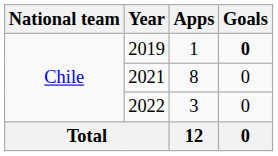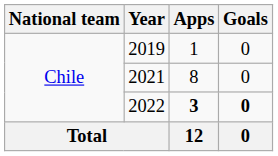 <table class="wikitable" style="text-align:center">
 <tr>
 <th>National team</th>
 <th>Year</th>
 <th>Apps</th>
 <th>Goals</th>
 </tr>
 <tr>
 <td rowspan="3"><a href='#'>Chile</a></td>
 <td>2019</td>
 <td>1</td>
-<td><strong>0</strong></td>
+<td>0</td>
 </tr>
 <tr>
 <td>2021</td>
 <td>8</td>
 <td>0</td>
 </tr>
 <tr>
 <td>2022</td>
-<td>3</td>
-<td>0</td>
+<td><strong>3</strong></td>
+<td><strong>0</strong></td>
 </tr>
 <tr>
 <th colspan="2">Total</th>
 <th>12</th>
 <th>0</th>
 </tr>
 </table>
